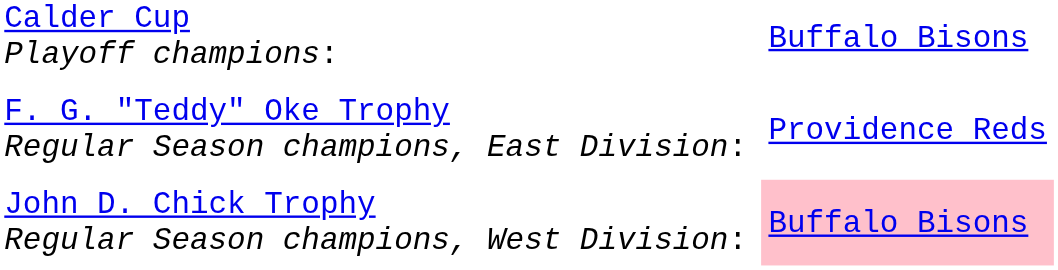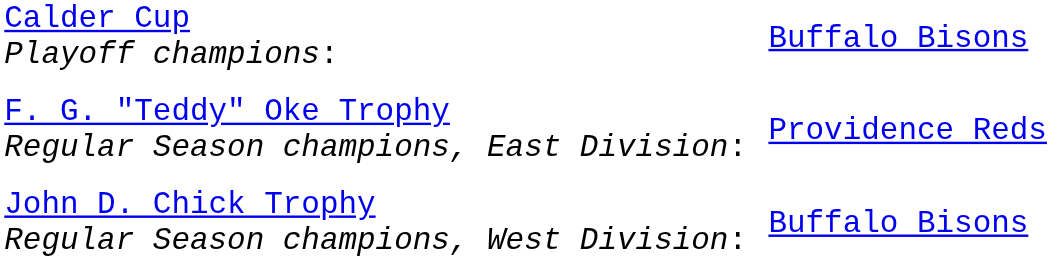 <table cellpadding="3" cellspacing="3">
 <tr>
 <td><a href='#'>Calder Cup</a><br><em>Playoff champions</em>:</td>
 <td><a href='#'>Buffalo Bisons</a></td>
 </tr>
 <tr>
 <td><a href='#'>F. G. "Teddy" Oke Trophy</a><br><em>Regular Season champions, East Division</em>:</td>
 <td><a href='#'>Providence Reds</a></td>
 </tr>
 <tr>
 <td><a href='#'>John D. Chick Trophy</a><br><em>Regular Season champions, West Division</em>:</td>
-<td style="background: pink;"><a href='#'>Buffalo Bisons</a></td>
+<td><a href='#'>Buffalo Bisons</a></td>
 </tr>
 </table>
